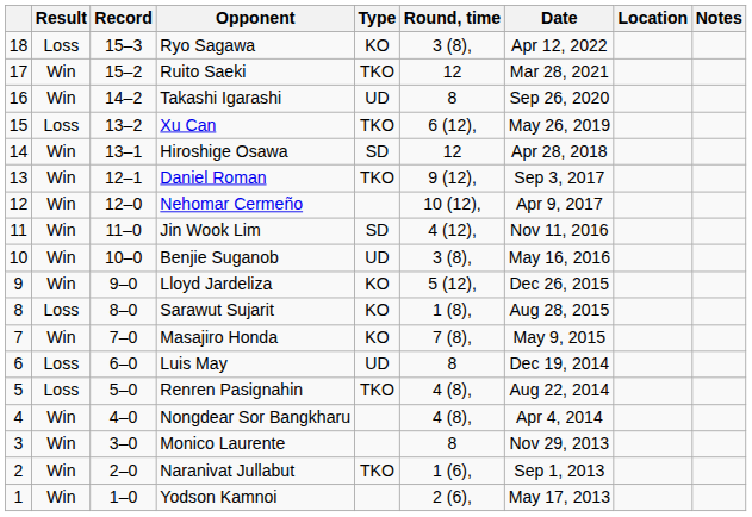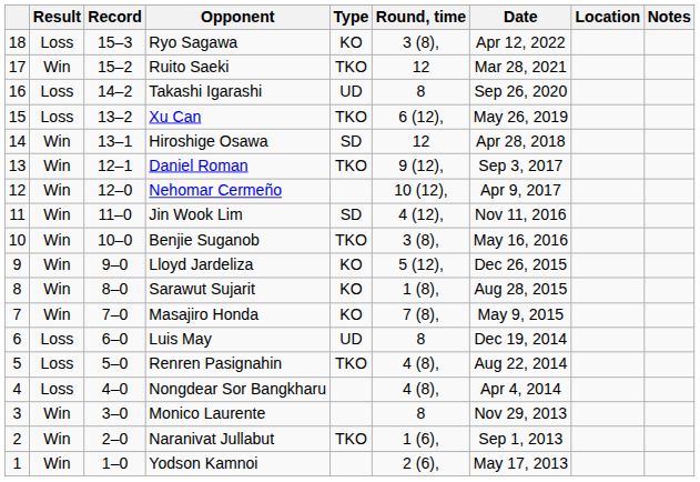 <table class="wikitable" style="text-align:center">
 <tr>
 <th></th>
 <th>Result</th>
 <th>Record</th>
 <th>Opponent</th>
 <th>Type</th>
 <th>Round, time</th>
 <th>Date</th>
 <th>Location</th>
 <th>Notes</th>
 </tr>
 <tr>
 <td>18</td>
 <td>Loss</td>
 <td>15–3</td>
 <td style="text-align:left;">Ryo Sagawa</td>
 <td>KO</td>
 <td>3 (8), </td>
 <td>Apr 12, 2022</td>
 <td align=left></td>
 <td></td>
 </tr>
 <tr>
 <td>17</td>
 <td>Win</td>
 <td>15–2</td>
 <td style="text-align:left;">Ruito Saeki</td>
 <td>TKO</td>
 <td>12</td>
 <td>Mar 28, 2021</td>
 <td style="text-align:left;"></td>
 <td></td>
 </tr>
 <tr>
 <td>16</td>
-<td>Win</td>
+<td>Loss</td>
 <td>14–2</td>
 <td style="text-align:left;">Takashi Igarashi</td>
 <td>UD</td>
 <td>8</td>
 <td>Sep 26, 2020</td>
 <td style="text-align:left;"></td>
 <td></td>
 </tr>
 <tr>
 <td>15</td>
 <td>Loss</td>
 <td>13–2</td>
 <td style="text-align:left;"><a href='#'>Xu Can</a></td>
 <td>TKO</td>
 <td>6 (12), </td>
 <td>May 26, 2019</td>
 <td style="text-align:left;"></td>
 <td style="text-align:left;"></td>
 </tr>
 <tr>
 <td>14</td>
 <td>Win</td>
 <td>13–1</td>
 <td style="text-align:left;">Hiroshige Osawa</td>
 <td>SD</td>
 <td>12</td>
 <td>Apr 28, 2018</td>
 <td style="text-align:left;"></td>
 <td style="text-align:left;"></td>
 </tr>
 <tr>
 <td>13</td>
 <td>Win</td>
 <td>12–1</td>
 <td style="text-align:left;"><a href='#'>Daniel Roman</a></td>
 <td>TKO</td>
 <td>9 (12), </td>
 <td>Sep 3, 2017</td>
 <td style="text-align:left;"></td>
 <td style="text-align:left;"></td>
 </tr>
 <tr>
 <td>12</td>
 <td>Win</td>
 <td>12–0</td>
 <td style="text-align:left;"><a href='#'>Nehomar Cermeño</a></td>
 <td></td>
 <td>10 (12), </td>
 <td>Apr 9, 2017</td>
 <td style="text-align:left;"></td>
 <td style="text-align:left;"></td>
 </tr>
 <tr>
 <td>11</td>
 <td>Win</td>
 <td>11–0</td>
 <td style="text-align:left;">Jin Wook Lim</td>
 <td>SD</td>
 <td>4 (12), </td>
 <td>Nov 11, 2016</td>
 <td style="text-align:left;"></td>
 <td style="text-align:left;"></td>
 </tr>
 <tr>
 <td>10</td>
 <td>Win</td>
 <td>10–0</td>
 <td style="text-align:left;">Benjie Suganob</td>
-<td>UD</td>
+<td>TKO</td>
 <td>3 (8), </td>
 <td>May 16, 2016</td>
 <td style="text-align:left;"></td>
 <td style="text-align:left;"></td>
 </tr>
 <tr>
 <td>9</td>
 <td>Win</td>
 <td>9–0</td>
 <td style="text-align:left;">Lloyd Jardeliza</td>
 <td>KO</td>
 <td>5 (12), </td>
 <td>Dec 26, 2015</td>
 <td style="text-align:left;"></td>
 <td style="text-align:left;"></td>
 </tr>
 <tr>
 <td>8</td>
-<td>Loss</td>
+<td>Win</td>
 <td>8–0</td>
 <td style="text-align:left;">Sarawut Sujarit</td>
 <td>KO</td>
 <td>1 (8), </td>
 <td>Aug 28, 2015</td>
 <td style="text-align:left;"></td>
 <td></td>
 </tr>
 <tr>
 <td>7</td>
 <td>Win</td>
 <td>7–0</td>
 <td style="text-align:left;">Masajiro Honda</td>
 <td>KO</td>
 <td>7 (8), </td>
 <td>May 9, 2015</td>
 <td style="text-align:left;"></td>
 <td></td>
 </tr>
 <tr>
 <td>6</td>
 <td>Loss</td>
 <td>6–0</td>
 <td style="text-align:left;">Luis May</td>
 <td>UD</td>
 <td>8</td>
 <td>Dec 19, 2014</td>
 <td style="text-align:left;"></td>
 <td></td>
 </tr>
 <tr>
 <td>5</td>
 <td>Loss</td>
 <td>5–0</td>
 <td style="text-align:left;">Renren Pasignahin</td>
 <td>TKO</td>
 <td>4 (8), </td>
 <td>Aug 22, 2014</td>
 <td style="text-align:left;"></td>
 <td></td>
 </tr>
 <tr>
 <td>4</td>
-<td>Win</td>
+<td>Loss</td>
 <td>4–0</td>
 <td style="text-align:left;">Nongdear Sor Bangkharu</td>
 <td></td>
 <td>4 (8), </td>
 <td>Apr 4, 2014</td>
 <td style="text-align:left;"></td>
 <td></td>
 </tr>
 <tr>
 <td>3</td>
 <td>Win</td>
 <td>3–0</td>
 <td style="text-align:left;">Monico Laurente</td>
 <td></td>
 <td>8</td>
 <td>Nov 29, 2013</td>
 <td style="text-align:left;"></td>
 <td></td>
 </tr>
 <tr>
 <td>2</td>
 <td>Win</td>
 <td>2–0</td>
 <td style="text-align:left;">Naranivat Jullabut</td>
 <td>TKO</td>
 <td>1 (6), </td>
 <td>Sep 1, 2013</td>
 <td style="text-align:left;"></td>
 <td></td>
 </tr>
 <tr>
 <td>1</td>
 <td>Win</td>
 <td>1–0</td>
 <td style="text-align:left;">Yodson Kamnoi</td>
 <td></td>
 <td>2 (6), </td>
 <td>May 17, 2013</td>
 <td style="text-align:left;"></td>
 <td style="text-align:left;"></td>
 </tr>
 </table>
